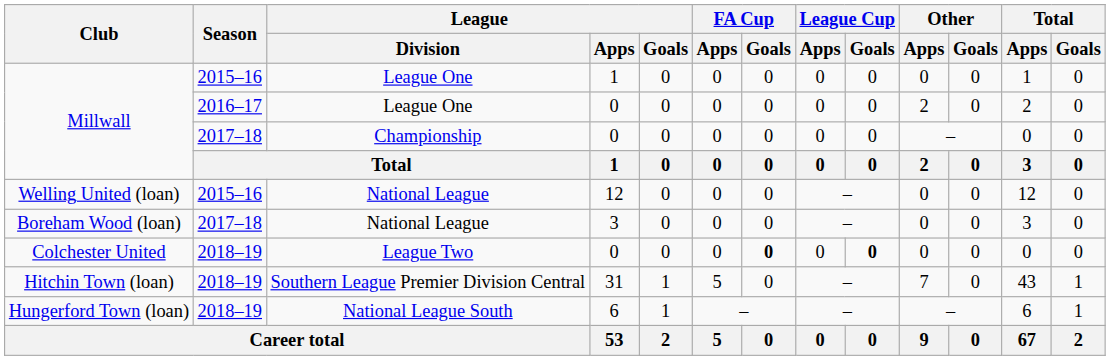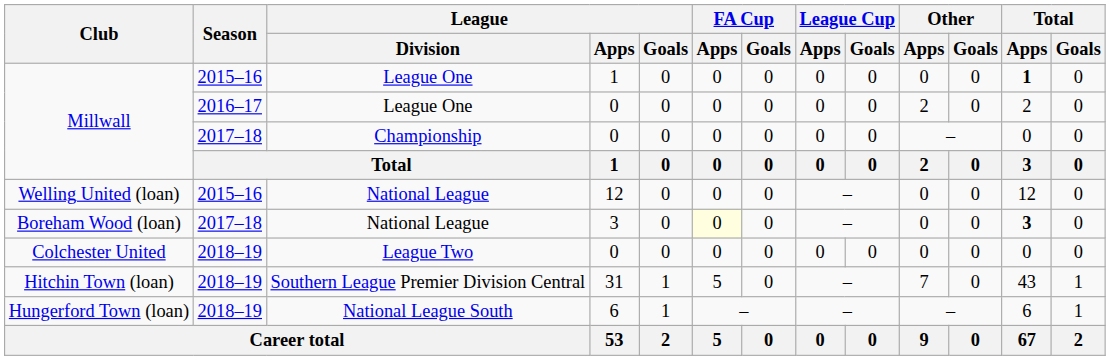 <table class=wikitable style="text-align: center">
 <tr>
 <th rowspan=2>Club</th>
 <th rowspan=2>Season</th>
 <th colspan=3>League</th>
 <th colspan=2><a href='#'>FA Cup</a></th>
 <th colspan=2><a href='#'>League Cup</a></th>
 <th colspan=2>Other</th>
 <th colspan=2>Total</th>
 </tr>
 <tr>
 <th>Division</th>
 <th>Apps</th>
 <th>Goals</th>
 <th>Apps</th>
 <th>Goals</th>
 <th>Apps</th>
 <th>Goals</th>
 <th>Apps</th>
 <th>Goals</th>
 <th>Apps</th>
 <th>Goals</th>
 </tr>
 <tr>
 <td rowspan=4><a href='#'>Millwall</a></td>
 <td><a href='#'>2015–16</a></td>
 <td><a href='#'>League One</a></td>
 <td>1</td>
 <td>0</td>
 <td>0</td>
 <td>0</td>
 <td>0</td>
 <td>0</td>
 <td>0</td>
 <td>0</td>
-<td>1</td>
+<td><strong>1</strong></td>
 <td>0</td>
 </tr>
 <tr>
 <td><a href='#'>2016–17</a></td>
 <td>League One</td>
 <td>0</td>
 <td>0</td>
 <td>0</td>
 <td>0</td>
 <td>0</td>
 <td>0</td>
 <td>2</td>
 <td>0</td>
 <td>2</td>
 <td>0</td>
 </tr>
 <tr>
 <td><a href='#'>2017–18</a></td>
 <td><a href='#'>Championship</a></td>
 <td>0</td>
 <td>0</td>
 <td>0</td>
 <td>0</td>
 <td>0</td>
 <td>0</td>
 <td colspan=2>–</td>
 <td>0</td>
 <td>0</td>
 </tr>
 <tr>
 <th colspan=2>Total</th>
 <th>1</th>
 <th>0</th>
 <th>0</th>
 <th>0</th>
 <th>0</th>
 <th>0</th>
 <th>2</th>
 <th>0</th>
 <th>3</th>
 <th>0</th>
 </tr>
 <tr>
 <td><a href='#'>Welling United</a> (loan)</td>
 <td><a href='#'>2015–16</a></td>
 <td><a href='#'>National League</a></td>
 <td>12</td>
 <td>0</td>
 <td>0</td>
 <td>0</td>
 <td colspan=2>–</td>
 <td>0</td>
 <td>0</td>
 <td>12</td>
 <td>0</td>
 </tr>
 <tr>
 <td><a href='#'>Boreham Wood</a> (loan)</td>
 <td><a href='#'>2017–18</a></td>
 <td>National League</td>
 <td>3</td>
 <td>0</td>
-<td>0</td>
+<td style="background: lightyellow;">0</td>
 <td>0</td>
 <td colspan=2>–</td>
 <td>0</td>
 <td>0</td>
-<td>3</td>
+<td><strong>3</strong></td>
 <td>0</td>
 </tr>
 <tr>
 <td><a href='#'>Colchester United</a></td>
 <td><a href='#'>2018–19</a></td>
 <td><a href='#'>League Two</a></td>
 <td>0</td>
 <td>0</td>
 <td>0</td>
-<td><strong>0</strong></td>
 <td>0</td>
-<td><strong>0</strong></td>
+<td>0</td>
+<td>0</td>
 <td>0</td>
 <td>0</td>
 <td>0</td>
 <td>0</td>
 </tr>
 <tr>
 <td><a href='#'>Hitchin Town</a> (loan)</td>
 <td><a href='#'>2018–19</a></td>
 <td><a href='#'>Southern League</a> Premier Division Central</td>
 <td>31</td>
 <td>1</td>
 <td>5</td>
 <td>0</td>
 <td colspan=2>–</td>
 <td>7</td>
 <td>0</td>
 <td>43</td>
 <td>1</td>
 </tr>
 <tr>
 <td><a href='#'>Hungerford Town</a> (loan)</td>
 <td><a href='#'>2018–19</a></td>
 <td><a href='#'>National League South</a></td>
 <td>6</td>
 <td>1</td>
 <td colspan=2>–</td>
 <td colspan=2>–</td>
 <td colspan=2>–</td>
 <td>6</td>
 <td>1</td>
 </tr>
 <tr>
 <th colspan=3>Career total</th>
 <th>53</th>
 <th>2</th>
 <th>5</th>
 <th>0</th>
 <th>0</th>
 <th>0</th>
 <th>9</th>
 <th>0</th>
 <th>67</th>
 <th>2</th>
 </tr>
 </table>
